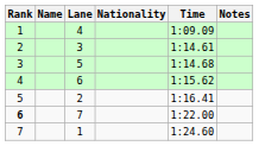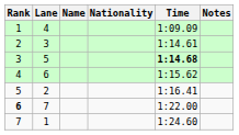 <table class="wikitable sortable" style="text-align:center">
 <tr>
 <th>Rank</th>
+<th>Lane</th>
 <th>Name</th>
-<th>Lane</th>
 <th>Nationality</th>
 <th>Time</th>
 <th>Notes</th>
 </tr>
 <tr bgcolor=ccffcc>
 <td>1</td>
+<td>4</td>
 <td align=left></td>
-<td>4</td>
 <td align=left></td>
 <td>1:09.09</td>
 <td><strong></strong> <strong></strong></td>
 </tr>
 <tr bgcolor=ccffcc>
 <td>2</td>
+<td>3</td>
 <td align=left></td>
-<td>3</td>
 <td align=left></td>
 <td>1:14.61</td>
 <td><strong></strong></td>
 </tr>
 <tr bgcolor=ccffcc>
 <td>3</td>
-<td align=left></td>
 <td>5</td>
 <td align=left></td>
-<td>1:14.68</td>
+<td align=left></td>
+<td><strong>1:14.68</strong></td>
 <td><strong></strong></td>
 </tr>
 <tr bgcolor=ccffcc>
 <td>4</td>
+<td>6</td>
 <td align=left></td>
-<td>6</td>
 <td align=left></td>
 <td>1:15.62</td>
 <td><strong></strong></td>
 </tr>
 <tr>
 <td>5</td>
+<td>2</td>
 <td align=left></td>
-<td>2</td>
 <td align=left></td>
 <td>1:16.41</td>
 <td></td>
 </tr>
 <tr>
 <td><strong>6</strong></td>
+<td>7</td>
 <td align=left></td>
-<td>7</td>
 <td align=left></td>
 <td>1:22.00</td>
 <td></td>
 </tr>
 <tr>
 <td>7</td>
+<td>1</td>
 <td align=left></td>
-<td>1</td>
 <td align=left></td>
 <td>1:24.60</td>
 <td></td>
 </tr>
 </table>
